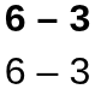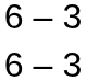 <table style="text-align:center">
 <tr>
 <th width=200></th>
 <th width=100></th>
 <th width=200></th>
 </tr>
 <tr>
 <td align=right><strong></strong></td>
-<td><strong>6 – 3</strong></td>
+<td>6 – 3</td>
 <td align=left></td>
 </tr>
 <tr>
 <td align=right><strong></strong></td>
 <td>6 – 3</td>
 <td align=left></td>
 </tr>
 </table>
